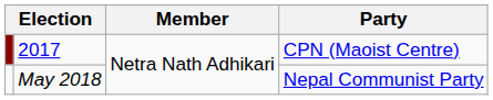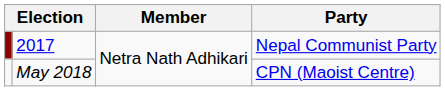 <table class="wikitable">
 <tr>
 <th colspan="2">Election</th>
 <th>Member</th>
 <th>Party</th>
 </tr>
 <tr>
 <td style="background-color:darkred"></td>
 <td><a href='#'>2017</a></td>
 <td rowspan="2">Netra Nath Adhikari</td>
-<td><a href='#'>CPN (Maoist Centre)</a></td>
+<td><a href='#'>Nepal Communist Party</a></td>
 </tr>
 <tr>
 <td style="background-color:"></td>
 <td><em>May 2018</em></td>
-<td><a href='#'>Nepal Communist Party</a></td>
+<td><a href='#'>CPN (Maoist Centre)</a></td>
 </tr>
 </table>
